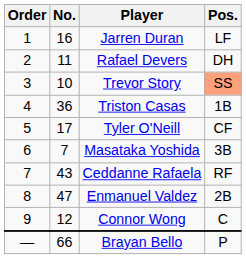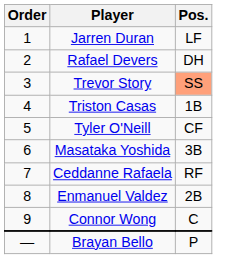 <table class="wikitable plainrowheaders" style="text-align:center;">
 <tr>
 <th>Order</th>
-<th>No.</th>
 <th>Player</th>
 <th>Pos.</th>
 </tr>
 <tr>
 <td>1</td>
-<td>16</td>
 <td><a href='#'>Jarren Duran</a></td>
 <td>LF</td>
 </tr>
 <tr>
 <td>2</td>
-<td>11</td>
 <td><a href='#'>Rafael Devers</a></td>
 <td>DH</td>
 </tr>
 <tr>
 <td>3</td>
-<td>10</td>
 <td><a href='#'>Trevor Story</a></td>
 <td style="background: lightsalmon;">SS</td>
 </tr>
 <tr>
 <td>4</td>
-<td>36</td>
 <td><a href='#'>Triston Casas</a></td>
 <td>1B</td>
 </tr>
 <tr>
 <td>5</td>
-<td>17</td>
 <td><a href='#'>Tyler O'Neill</a></td>
 <td>CF</td>
 </tr>
 <tr>
 <td>6</td>
-<td>7</td>
 <td><a href='#'>Masataka Yoshida</a></td>
 <td>3B</td>
 </tr>
 <tr>
 <td>7</td>
-<td>43</td>
 <td><a href='#'>Ceddanne Rafaela</a></td>
 <td>RF</td>
 </tr>
 <tr>
 <td>8</td>
-<td>47</td>
 <td><a href='#'>Enmanuel Valdez</a></td>
 <td>2B</td>
 </tr>
 <tr style="border-bottom:2px solid black">
 <td>9</td>
-<td>12</td>
 <td><a href='#'>Connor Wong</a></td>
 <td>C</td>
 </tr>
 <tr>
 <td>—</td>
-<td>66</td>
 <td><a href='#'>Brayan Bello</a></td>
 <td>P</td>
 </tr>
 </table>
